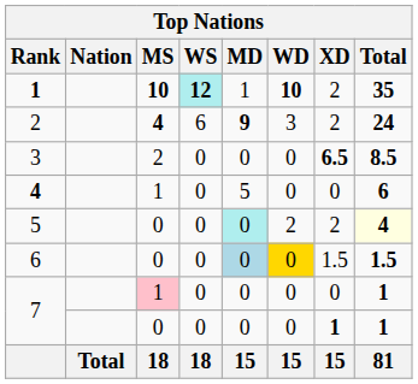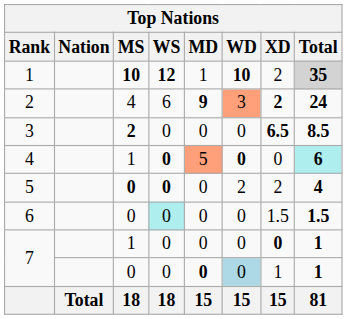 <table class="wikitable" style="text-align:center">
 <tr>
 <th colspan=10>Top Nations</th>
 </tr>
 <tr>
 <th>Rank</th>
 <th>Nation</th>
 <th>MS</th>
 <th>WS</th>
 <th>MD</th>
 <th>WD</th>
 <th>XD</th>
 <th>Total</th>
 </tr>
 <tr>
-<td><strong>1</strong></td>
+<td>1</td>
 <td align=left></td>
 <td><strong>10</strong></td>
-<td style="background: paleturquoise;"><strong>12</strong></td>
+<td><strong>12</strong></td>
 <td>1</td>
 <td><strong>10</strong></td>
 <td>2</td>
-<td><strong>35</strong></td>
+<td style="background: lightgrey;"><strong>35</strong></td>
 </tr>
 <tr>
 <td>2</td>
 <td align=left></td>
-<td><strong>4</strong></td>
+<td>4</td>
 <td>6</td>
 <td><strong>9</strong></td>
-<td>3</td>
-<td>2</td>
+<td style="background: lightsalmon;">3</td>
+<td><strong>2</strong></td>
 <td><strong>24</strong></td>
 </tr>
 <tr>
 <td>3</td>
 <td align=left></td>
-<td>2</td>
+<td><strong>2</strong></td>
 <td>0</td>
 <td>0</td>
 <td>0</td>
 <td><strong>6.5</strong></td>
 <td><strong>8.5</strong></td>
 </tr>
 <tr>
-<td><strong>4</strong></td>
+<td>4</td>
 <td align=left></td>
 <td>1</td>
+<td><strong>0</strong></td>
+<td style="background: lightsalmon;">5</td>
+<td><strong>0</strong></td>
 <td>0</td>
-<td>5</td>
-<td>0</td>
-<td>0</td>
-<td><strong>6</strong></td>
+<td style="background: paleturquoise;"><strong>6</strong></td>
 </tr>
 <tr>
 <td>5</td>
 <td align=left></td>
+<td><strong>0</strong></td>
+<td><strong>0</strong></td>
 <td>0</td>
-<td>0</td>
-<td style="background: paleturquoise;">0</td>
 <td>2</td>
 <td>2</td>
-<td style="background: lightyellow;"><strong>4</strong></td>
+<td><strong>4</strong></td>
 </tr>
 <tr>
 <td>6</td>
 <td align=left></td>
 <td>0</td>
+<td style="background: paleturquoise;">0</td>
 <td>0</td>
-<td style="background: lightblue;">0</td>
-<td style="background: gold;">0</td>
+<td>0</td>
 <td>1.5</td>
 <td><strong>1.5</strong></td>
 </tr>
 <tr>
 <td rowspan=2>7</td>
 <td align=left></td>
-<td style="background: pink;">1</td>
+<td>1</td>
 <td>0</td>
 <td>0</td>
 <td>0</td>
-<td>0</td>
+<td><strong>0</strong></td>
 <td><strong>1</strong></td>
 </tr>
 <tr>
 <td align=left></td>
 <td>0</td>
 <td>0</td>
-<td>0</td>
-<td>0</td>
-<td><strong>1</strong></td>
+<td><strong>0</strong></td>
+<td style="background: lightblue;">0</td>
+<td>1</td>
 <td><strong>1</strong></td>
 </tr>
 <tr align=center>
 <th></th>
 <th align=left>Total</th>
 <th>18</th>
 <th>18</th>
 <th>15</th>
 <th>15</th>
 <th>15</th>
 <th>81</th>
 </tr>
 </table>
